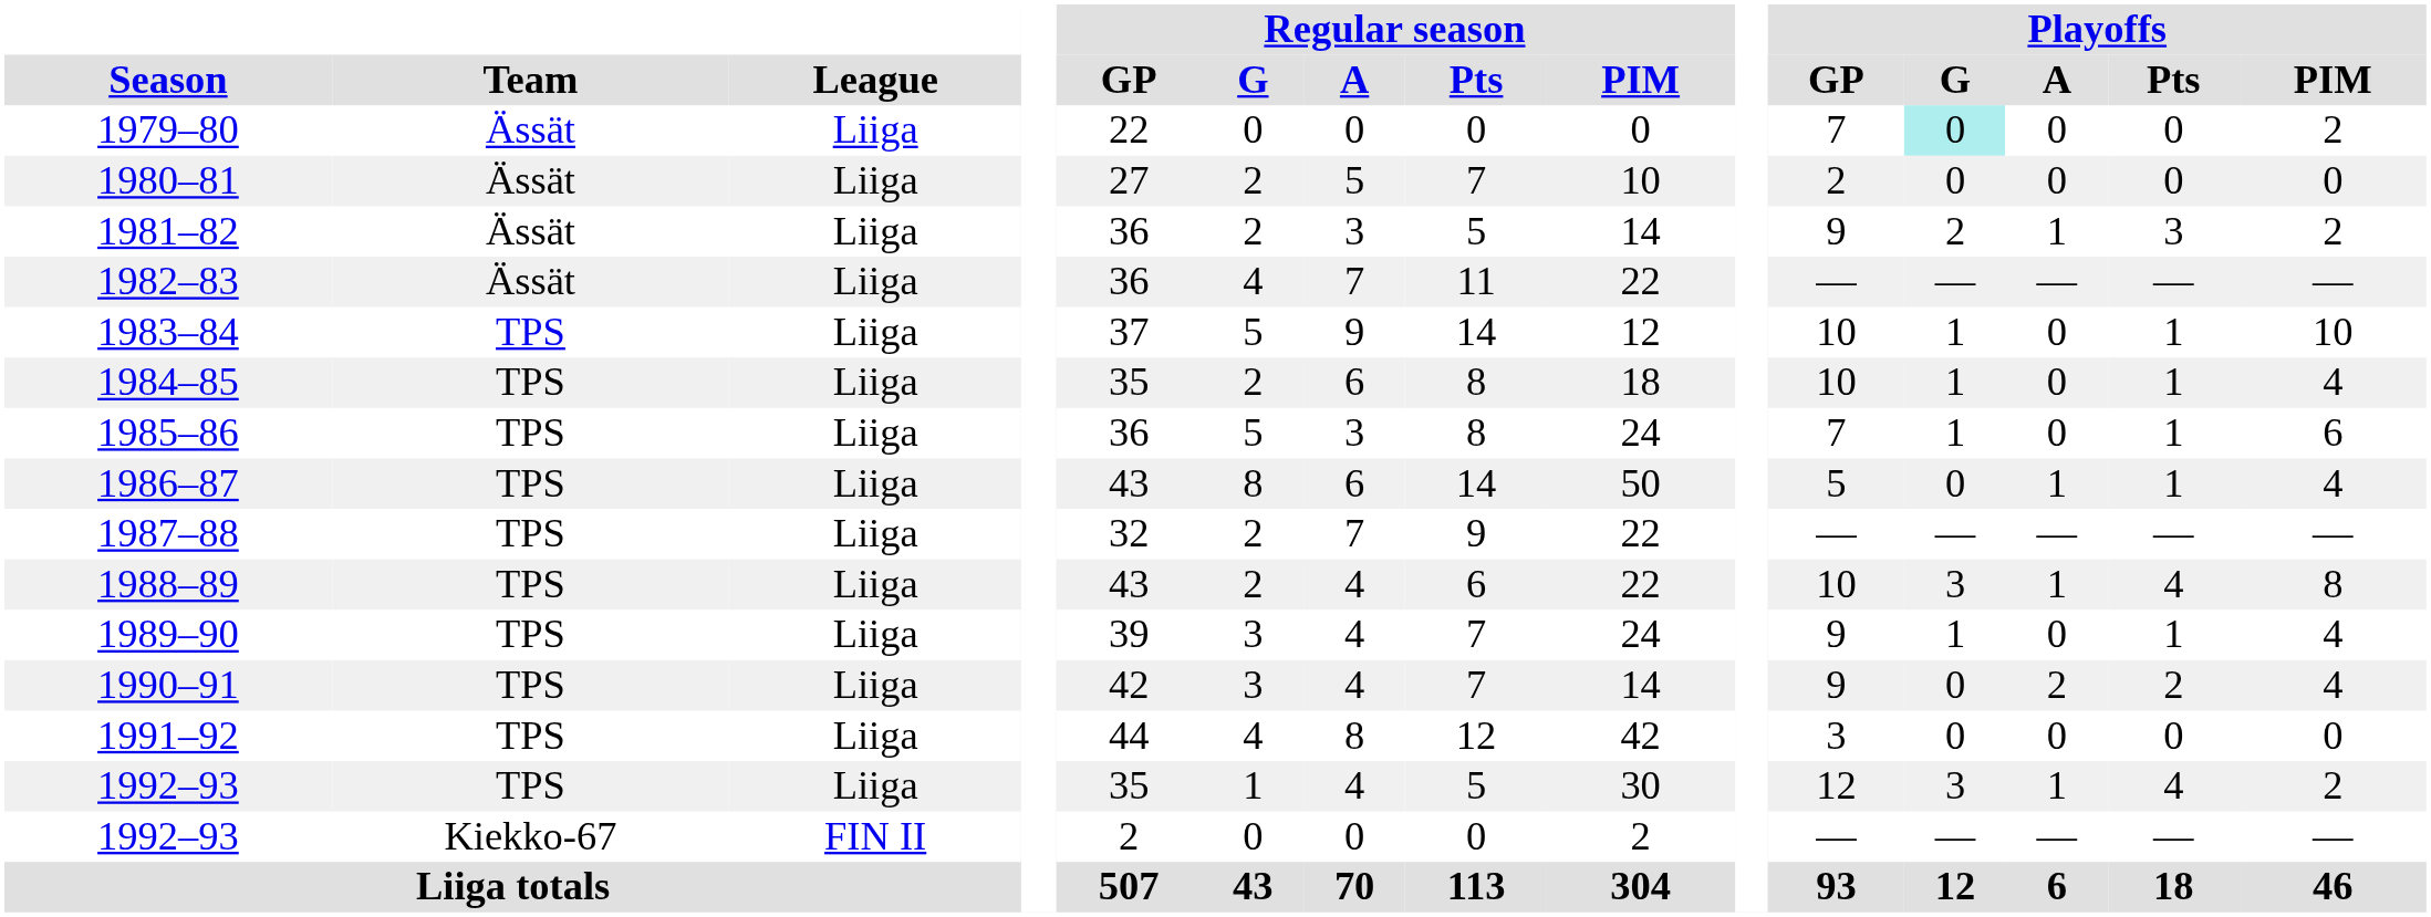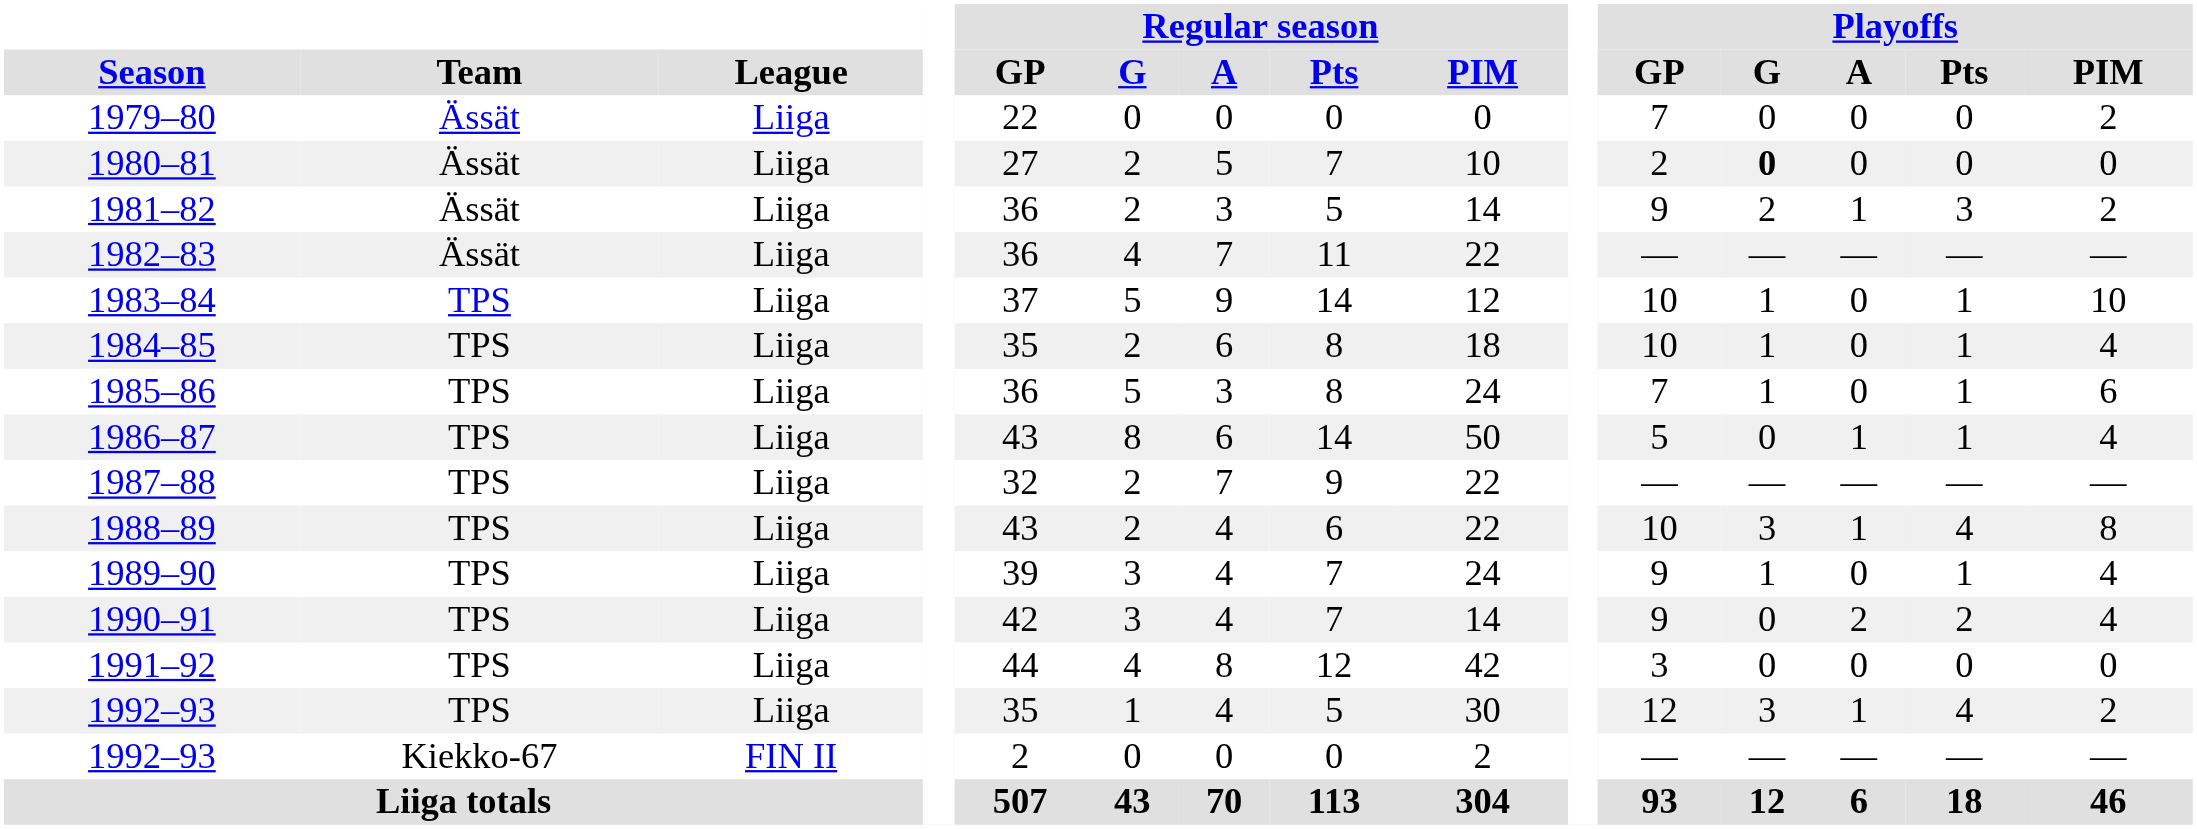 <table border="0" cellpadding="1" cellspacing="0" style="text-align:center; width:60em">
 <tr bgcolor="#e0e0e0">
 <th colspan="3" bgcolor="#ffffff"> </th>
 <th rowspan="99" bgcolor="#ffffff"> </th>
 <th colspan="5"><a href='#'>Regular season</a></th>
 <th rowspan="99" bgcolor="#ffffff"> </th>
 <th colspan="5"><a href='#'>Playoffs</a></th>
 </tr>
 <tr bgcolor="#e0e0e0">
 <th><a href='#'>Season</a></th>
 <th>Team</th>
 <th>League</th>
 <th>GP</th>
 <th><a href='#'>G</a></th>
 <th><a href='#'>A</a></th>
 <th><a href='#'>Pts</a></th>
 <th><a href='#'>PIM</a></th>
 <th>GP</th>
 <th>G</th>
 <th>A</th>
 <th>Pts</th>
 <th>PIM</th>
 </tr>
 <tr>
 <td><a href='#'>1979–80</a></td>
 <td><a href='#'>Ässät</a></td>
 <td><a href='#'>Liiga</a></td>
 <td>22</td>
 <td>0</td>
 <td>0</td>
 <td>0</td>
 <td>0</td>
 <td>7</td>
-<td style="background: paleturquoise;">0</td>
+<td>0</td>
 <td>0</td>
 <td>0</td>
 <td>2</td>
 </tr>
 <tr bgcolor="#f0f0f0">
 <td><a href='#'>1980–81</a></td>
 <td>Ässät</td>
 <td>Liiga</td>
 <td>27</td>
 <td>2</td>
 <td>5</td>
 <td>7</td>
 <td>10</td>
 <td>2</td>
-<td>0</td>
+<td><strong>0</strong></td>
 <td>0</td>
 <td>0</td>
 <td>0</td>
 </tr>
 <tr>
 <td><a href='#'>1981–82</a></td>
 <td>Ässät</td>
 <td>Liiga</td>
 <td>36</td>
 <td>2</td>
 <td>3</td>
 <td>5</td>
 <td>14</td>
 <td>9</td>
 <td>2</td>
 <td>1</td>
 <td>3</td>
 <td>2</td>
 </tr>
 <tr bgcolor="#f0f0f0">
 <td><a href='#'>1982–83</a></td>
 <td>Ässät</td>
 <td>Liiga</td>
 <td>36</td>
 <td>4</td>
 <td>7</td>
 <td>11</td>
 <td>22</td>
 <td>—</td>
 <td>—</td>
 <td>—</td>
 <td>—</td>
 <td>—</td>
 </tr>
 <tr>
 <td><a href='#'>1983–84</a></td>
 <td><a href='#'>TPS</a></td>
 <td>Liiga</td>
 <td>37</td>
 <td>5</td>
 <td>9</td>
 <td>14</td>
 <td>12</td>
 <td>10</td>
 <td>1</td>
 <td>0</td>
 <td>1</td>
 <td>10</td>
 </tr>
 <tr bgcolor="#f0f0f0">
 <td><a href='#'>1984–85</a></td>
 <td>TPS</td>
 <td>Liiga</td>
 <td>35</td>
 <td>2</td>
 <td>6</td>
 <td>8</td>
 <td>18</td>
 <td>10</td>
 <td>1</td>
 <td>0</td>
 <td>1</td>
 <td>4</td>
 </tr>
 <tr>
 <td><a href='#'>1985–86</a></td>
 <td>TPS</td>
 <td>Liiga</td>
 <td>36</td>
 <td>5</td>
 <td>3</td>
 <td>8</td>
 <td>24</td>
 <td>7</td>
 <td>1</td>
 <td>0</td>
 <td>1</td>
 <td>6</td>
 </tr>
 <tr bgcolor="#f0f0f0">
 <td><a href='#'>1986–87</a></td>
 <td>TPS</td>
 <td>Liiga</td>
 <td>43</td>
 <td>8</td>
 <td>6</td>
 <td>14</td>
 <td>50</td>
 <td>5</td>
 <td>0</td>
 <td>1</td>
 <td>1</td>
 <td>4</td>
 </tr>
 <tr>
 <td><a href='#'>1987–88</a></td>
 <td>TPS</td>
 <td>Liiga</td>
 <td>32</td>
 <td>2</td>
 <td>7</td>
 <td>9</td>
 <td>22</td>
 <td>—</td>
 <td>—</td>
 <td>—</td>
 <td>—</td>
 <td>—</td>
 </tr>
 <tr bgcolor="#f0f0f0">
 <td><a href='#'>1988–89</a></td>
 <td>TPS</td>
 <td>Liiga</td>
 <td>43</td>
 <td>2</td>
 <td>4</td>
 <td>6</td>
 <td>22</td>
 <td>10</td>
 <td>3</td>
 <td>1</td>
 <td>4</td>
 <td>8</td>
 </tr>
 <tr>
 <td><a href='#'>1989–90</a></td>
 <td>TPS</td>
 <td>Liiga</td>
 <td>39</td>
 <td>3</td>
 <td>4</td>
 <td>7</td>
 <td>24</td>
 <td>9</td>
 <td>1</td>
 <td>0</td>
 <td>1</td>
 <td>4</td>
 </tr>
 <tr bgcolor="#f0f0f0">
 <td><a href='#'>1990–91</a></td>
 <td>TPS</td>
 <td>Liiga</td>
 <td>42</td>
 <td>3</td>
 <td>4</td>
 <td>7</td>
 <td>14</td>
 <td>9</td>
 <td>0</td>
 <td>2</td>
 <td>2</td>
 <td>4</td>
 </tr>
 <tr>
 <td><a href='#'>1991–92</a></td>
 <td>TPS</td>
 <td>Liiga</td>
 <td>44</td>
 <td>4</td>
 <td>8</td>
 <td>12</td>
 <td>42</td>
 <td>3</td>
 <td>0</td>
 <td>0</td>
 <td>0</td>
 <td>0</td>
 </tr>
 <tr bgcolor="#f0f0f0">
 <td><a href='#'>1992–93</a></td>
 <td>TPS</td>
 <td>Liiga</td>
 <td>35</td>
 <td>1</td>
 <td>4</td>
 <td>5</td>
 <td>30</td>
 <td>12</td>
 <td>3</td>
 <td>1</td>
 <td>4</td>
 <td>2</td>
 </tr>
 <tr>
 <td><a href='#'>1992–93</a></td>
 <td>Kiekko-67</td>
 <td><a href='#'>FIN II</a></td>
 <td>2</td>
 <td>0</td>
 <td>0</td>
 <td>0</td>
 <td>2</td>
 <td>—</td>
 <td>—</td>
 <td>—</td>
 <td>—</td>
 <td>—</td>
 </tr>
 <tr bgcolor="#e0e0e0">
 <th colspan="3">Liiga totals</th>
 <th>507</th>
 <th>43</th>
 <th>70</th>
 <th>113</th>
 <th>304</th>
 <th>93</th>
 <th>12</th>
 <th>6</th>
 <th>18</th>
 <th>46</th>
 </tr>
 </table>
